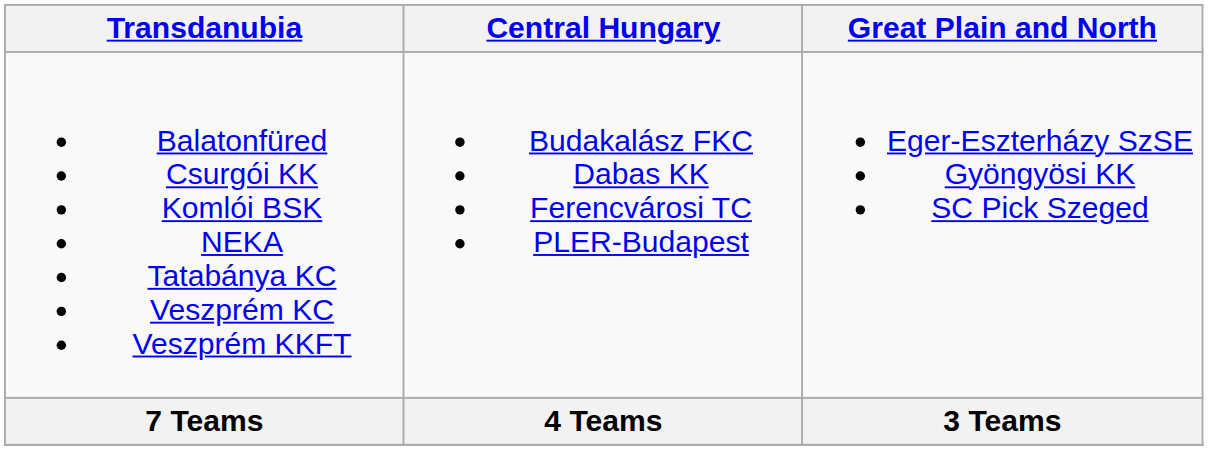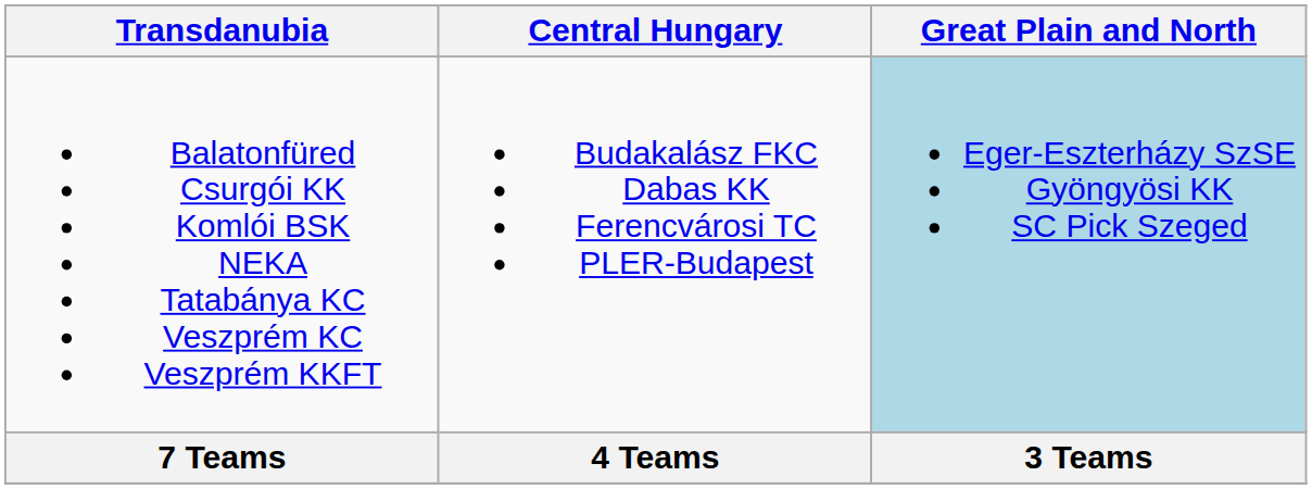 <table class="wikitable" style="clear:right;white-space:nowrap;">
 <tr>
 <th width="33%"><a href='#'>Transdanubia</a></th>
 <th width="33%"><a href='#'>Central Hungary</a></th>
 <th width="33%"><a href='#'>Great Plain and North</a></th>
 </tr>
 <tr align="center" valign="top">
 <td><br><ul><li><a href='#'>Balatonfüred</a></li><li><a href='#'>Csurgói KK</a></li><li><a href='#'>Komlói BSK</a></li><li><a href='#'>NEKA</a></li><li><a href='#'>Tatabánya KC</a></li><li><a href='#'>Veszprém KC</a></li><li><a href='#'>Veszprém KKFT</a></li></ul></td>
 <td><br><ul><li><a href='#'>Budakalász FKC</a></li><li><a href='#'>Dabas KK</a></li><li><a href='#'>Ferencvárosi TC</a></li><li><a href='#'>PLER-Budapest</a></li></ul></td>
-<td><br><ul><li><a href='#'>Eger-Eszterházy SzSE</a></li><li><a href='#'>Gyöngyösi KK</a></li><li><a href='#'>SC Pick Szeged</a></li></ul></td>
+<td style="background: lightblue;"><br><ul><li><a href='#'>Eger-Eszterházy SzSE</a></li><li><a href='#'>Gyöngyösi KK</a></li><li><a href='#'>SC Pick Szeged</a></li></ul></td>
 </tr>
 <tr>
 <th>7 Teams</th>
 <th>4 Teams</th>
 <th>3 Teams</th>
 </tr>
 <tr>
 </tr>
 </table>
